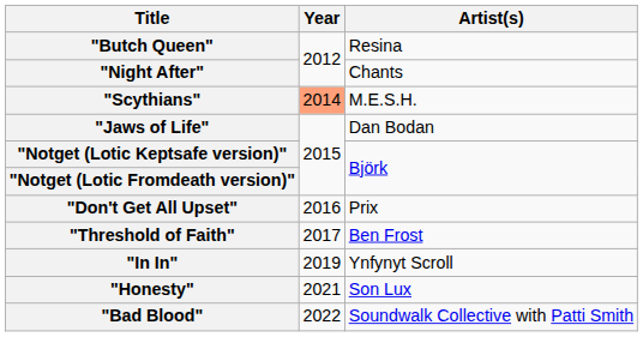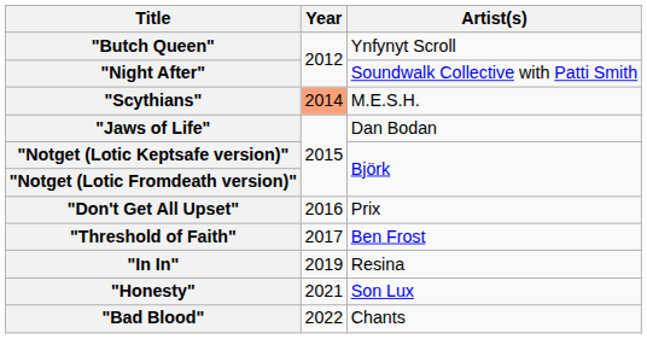 <table class="wikitable plainrowheaders">
 <tr>
 <th>Title</th>
 <th>Year</th>
 <th>Artist(s)</th>
 </tr>
 <tr>
 <th scope="row">"Butch Queen"</th>
 <td rowspan="2">2012</td>
-<td>Resina</td>
+<td>Ynfynyt Scroll</td>
 </tr>
 <tr>
 <th scope="row">"Night After"</th>
-<td>Chants</td>
+<td><a href='#'>Soundwalk Collective</a> with <a href='#'>Patti Smith</a></td>
 </tr>
 <tr>
 <th scope="row">"Scythians"</th>
 <td style="background: lightsalmon;">2014</td>
 <td>M.E.S.H.</td>
 </tr>
 <tr>
 <th scope="row">"Jaws of Life"</th>
 <td rowspan="3">2015</td>
 <td>Dan Bodan</td>
 </tr>
 <tr>
 <th scope="row">"Notget (Lotic Keptsafe version)"</th>
 <td rowspan="2"><a href='#'>Björk</a></td>
 </tr>
 <tr>
 <th scope="row">"Notget (Lotic Fromdeath version)"</th>
 </tr>
 <tr>
 <th scope="row">"Don't Get All Upset"</th>
 <td>2016</td>
 <td>Prix</td>
 </tr>
 <tr>
 <th scope="row">"Threshold of Faith"</th>
 <td>2017</td>
 <td><a href='#'>Ben Frost</a></td>
 </tr>
 <tr>
 <th scope="row">"In In"</th>
 <td>2019</td>
-<td>Ynfynyt Scroll</td>
+<td>Resina</td>
 </tr>
 <tr>
 <th scope="row">"Honesty"</th>
 <td>2021</td>
 <td><a href='#'>Son Lux</a></td>
 </tr>
 <tr>
 <th scope="row">"Bad Blood"</th>
 <td>2022</td>
-<td><a href='#'>Soundwalk Collective</a> with <a href='#'>Patti Smith</a></td>
+<td>Chants</td>
 </tr>
 </table>
